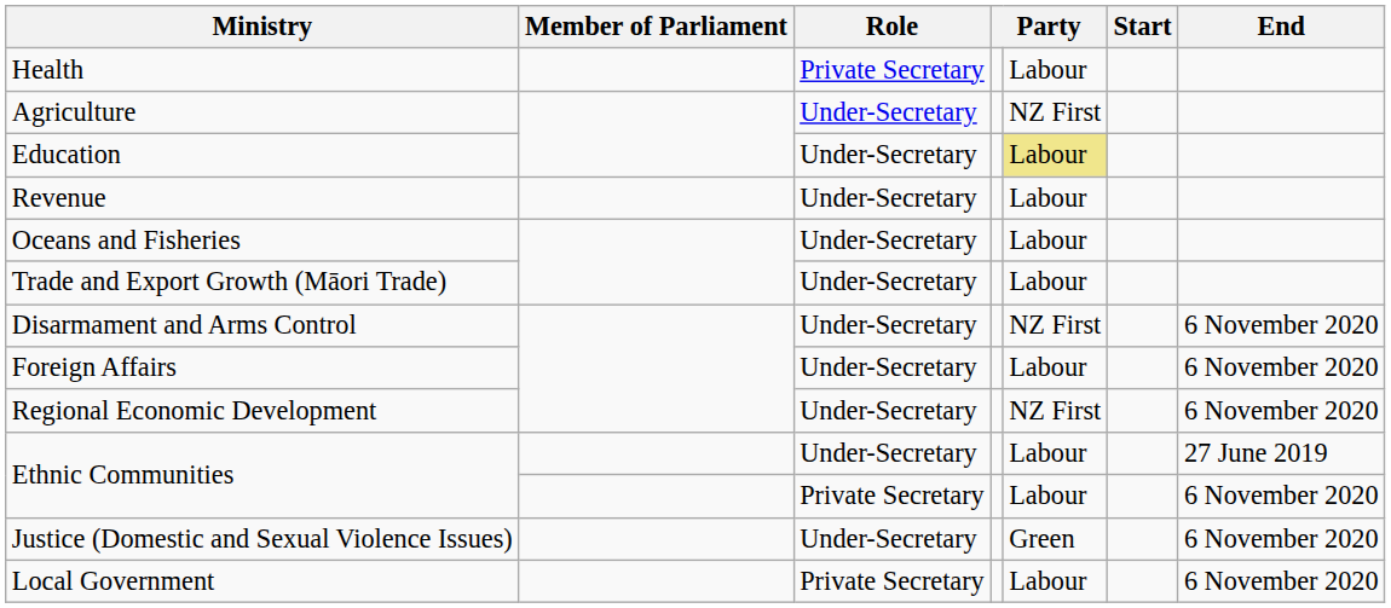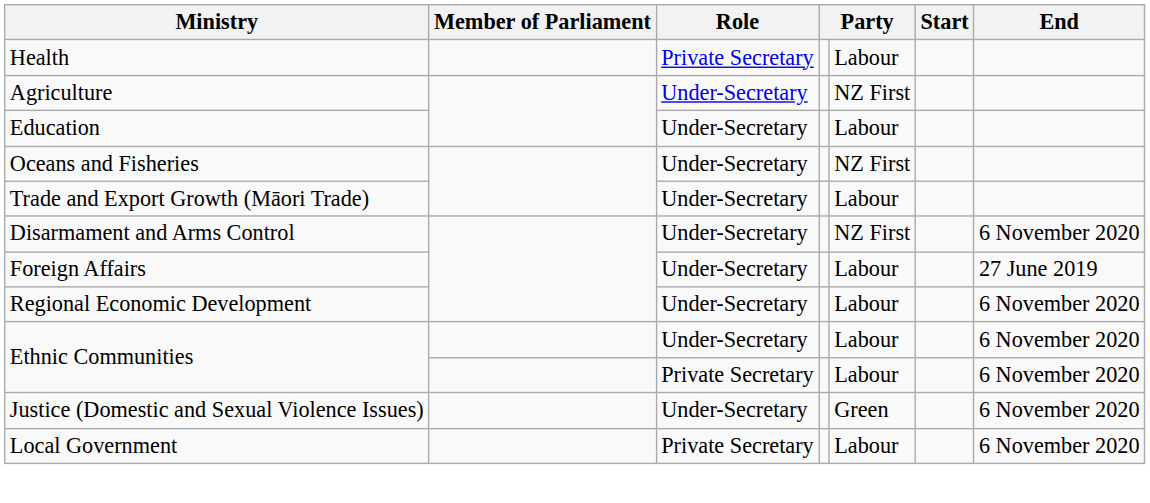 <table class="wikitable sortable">
 <tr>
 <th scope="col">Ministry</th>
 <th scope="col">Member of Parliament</th>
 <th>Role</th>
 <th colspan="2" scope="col">Party</th>
 <th scope="col">Start</th>
 <th scope="col">End</th>
 </tr>
 <tr>
 <td scope="row">Health</td>
 <td></td>
 <td><a href='#'>Private Secretary</a></td>
 <td style="background:"></td>
 <td>Labour</td>
 <td></td>
 <td></td>
 </tr>
 <tr>
 <td scope="row">Agriculture</td>
 <td rowspan="2"></td>
 <td><a href='#'>Under-Secretary</a></td>
 <td style="background:"></td>
 <td>NZ First</td>
 <td></td>
 <td></td>
 </tr>
 <tr>
 <td scope="row">Education</td>
 <td>Under-Secretary</td>
 <td style="background:"></td>
-<td style="background: khaki;">Labour</td>
-<td></td>
-<td></td>
-</tr>
-<tr>
-<td scope="row">Revenue</td>
-<td></td>
-<td>Under-Secretary</td>
-<td style="background:"></td>
 <td>Labour</td>
 <td></td>
 <td></td>
 </tr>
 <tr>
 <td scope="row">Oceans and Fisheries</td>
 <td rowspan="2"></td>
 <td>Under-Secretary</td>
 <td style="background:"></td>
-<td>Labour</td>
+<td>NZ First</td>
 <td></td>
 <td></td>
 </tr>
 <tr>
 <td scope="row">Trade and Export Growth (Māori Trade)</td>
 <td>Under-Secretary</td>
 <td style="background:"></td>
 <td>Labour</td>
 <td></td>
 <td></td>
 </tr>
 <tr>
 <td scope="row">Disarmament and Arms Control</td>
 <td rowspan="3"></td>
 <td>Under-Secretary</td>
 <td style="background:"></td>
 <td>NZ First</td>
 <td></td>
 <td>6 November 2020</td>
 </tr>
 <tr>
 <td scope="row">Foreign Affairs</td>
 <td>Under-Secretary</td>
 <td style="background:"></td>
 <td>Labour</td>
 <td></td>
-<td>6 November 2020</td>
+<td>27 June 2019</td>
 </tr>
 <tr>
 <td scope="row">Regional Economic Development</td>
 <td>Under-Secretary</td>
 <td style="background:"></td>
-<td>NZ First</td>
+<td>Labour</td>
 <td></td>
 <td>6 November 2020</td>
 </tr>
 <tr>
 <td rowspan="2" scope="row">Ethnic Communities</td>
 <td></td>
 <td>Under-Secretary</td>
 <td style="background:"></td>
 <td>Labour</td>
 <td></td>
-<td>27 June 2019</td>
+<td>6 November 2020</td>
 </tr>
 <tr>
 <td></td>
 <td>Private Secretary</td>
 <td style="background:"></td>
 <td>Labour</td>
 <td></td>
 <td>6 November 2020</td>
 </tr>
 <tr>
 <td scope="row">Justice (Domestic and Sexual Violence Issues)</td>
 <td></td>
 <td>Under-Secretary</td>
 <td style="background:"></td>
 <td>Green</td>
 <td></td>
 <td>6 November 2020</td>
 </tr>
 <tr>
 <td scope="row">Local Government</td>
 <td></td>
 <td>Private Secretary</td>
 <td style="background:"></td>
 <td>Labour</td>
 <td></td>
 <td>6 November 2020</td>
 </tr>
 </table>
